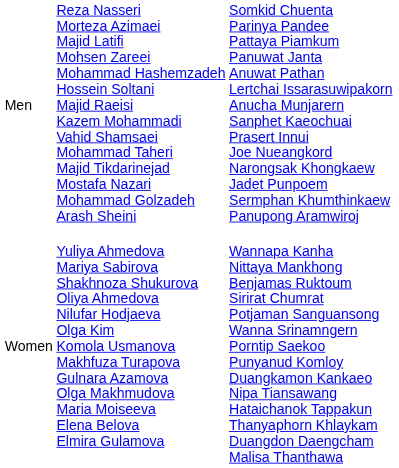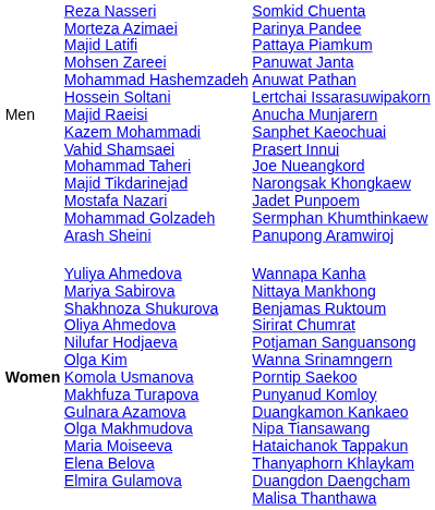 <table>
 <tr>
 <td>Men</td>
 <td><br><a href='#'>Reza Nasseri</a><br><a href='#'>Morteza Azimaei</a><br><a href='#'>Majid Latifi</a><br><a href='#'>Mohsen Zareei</a><br><a href='#'>Mohammad Hashemzadeh</a><br><a href='#'>Hossein Soltani</a><br><a href='#'>Majid Raeisi</a><br><a href='#'>Kazem Mohammadi</a><br><a href='#'>Vahid Shamsaei</a><br><a href='#'>Mohammad Taheri</a><br><a href='#'>Majid Tikdarinejad</a><br><a href='#'>Mostafa Nazari</a><br><a href='#'>Mohammad Golzadeh</a><br><a href='#'>Arash Sheini</a></td>
 <td><br><a href='#'>Somkid Chuenta</a><br><a href='#'>Parinya Pandee</a><br><a href='#'>Pattaya Piamkum</a><br><a href='#'>Panuwat Janta</a><br><a href='#'>Anuwat Pathan</a><br><a href='#'>Lertchai Issarasuwipakorn</a><br><a href='#'>Anucha Munjarern</a><br><a href='#'>Sanphet Kaeochuai</a><br><a href='#'>Prasert Innui</a><br><a href='#'>Joe Nueangkord</a><br><a href='#'>Narongsak Khongkaew</a><br><a href='#'>Jadet Punpoem</a><br><a href='#'>Sermphan Khumthinkaew</a><br><a href='#'>Panupong Aramwiroj</a></td>
 <td valign=top></td>
 </tr>
 <tr>
-<td>Women</td>
+<td><strong>Women</strong></td>
 <td valign=top><br><a href='#'>Yuliya Ahmedova</a><br><a href='#'>Mariya Sabirova</a><br><a href='#'>Shakhnoza Shukurova</a><br><a href='#'>Oliya Ahmedova</a><br><a href='#'>Nilufar Hodjaeva</a><br><a href='#'>Olga Kim</a><br><a href='#'>Komola Usmanova</a><br><a href='#'>Makhfuza Turapova</a><br><a href='#'>Gulnara Azamova</a><br><a href='#'>Olga Makhmudova</a><br><a href='#'>Maria Moiseeva</a><br><a href='#'>Elena Belova</a><br><a href='#'>Elmira Gulamova</a></td>
 <td><br><a href='#'>Wannapa Kanha</a><br><a href='#'>Nittaya Mankhong</a><br><a href='#'>Benjamas Ruktoum</a><br><a href='#'>Sirirat Chumrat</a><br><a href='#'>Potjaman Sanguansong</a><br><a href='#'>Wanna Srinamngern</a><br><a href='#'>Porntip Saekoo</a><br><a href='#'>Punyanud Komloy</a><br><a href='#'>Duangkamon Kankaeo</a><br><a href='#'>Nipa Tiansawang</a><br><a href='#'>Hataichanok Tappakun</a><br><a href='#'>Thanyaphorn Khlaykam</a><br><a href='#'>Duangdon Daengcham</a><br><a href='#'>Malisa Thanthawa</a></td>
 <td valign=top></td>
 </tr>
 </table>
